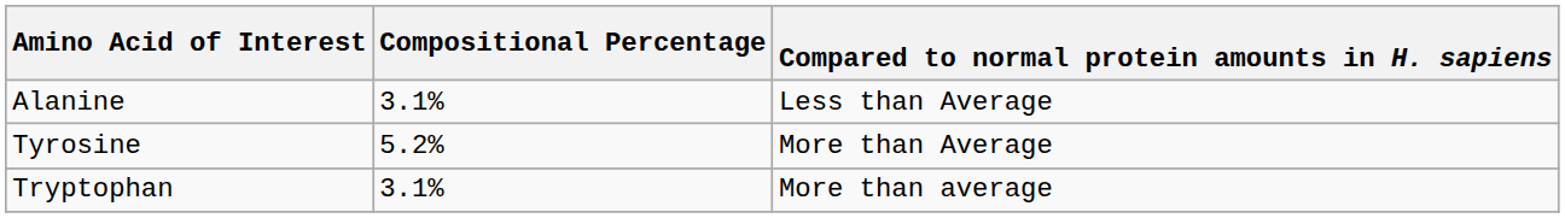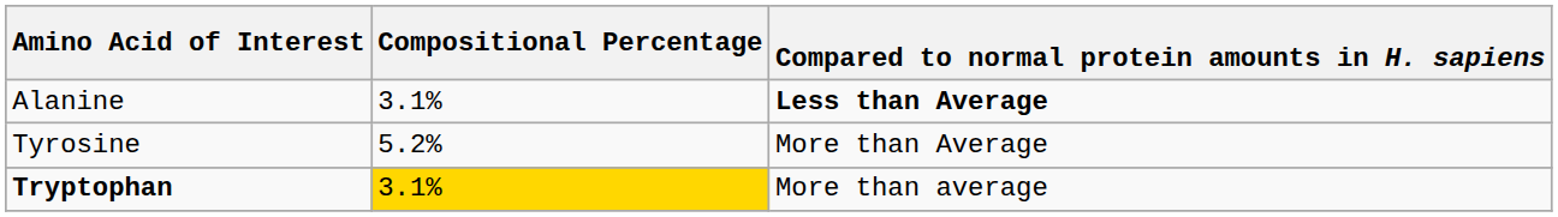 <table class="wikitable">
 <tr>
 <th>Amino Acid of Interest</th>
 <th>Compositional Percentage</th>
 <th><br>Compared to normal protein amounts in <em>H. sapiens</em></th>
 </tr>
 <tr>
 <td>Alanine</td>
 <td>3.1%</td>
-<td>Less than Average</td>
+<td><strong>Less than Average</strong></td>
 </tr>
 <tr>
 <td>Tyrosine</td>
 <td>5.2%</td>
 <td>More than Average</td>
 </tr>
 <tr>
-<td>Tryptophan</td>
-<td>3.1%</td>
+<td><strong>Tryptophan</strong></td>
+<td style="background: gold;">3.1%</td>
 <td>More than average</td>
 </tr>
 </table>
